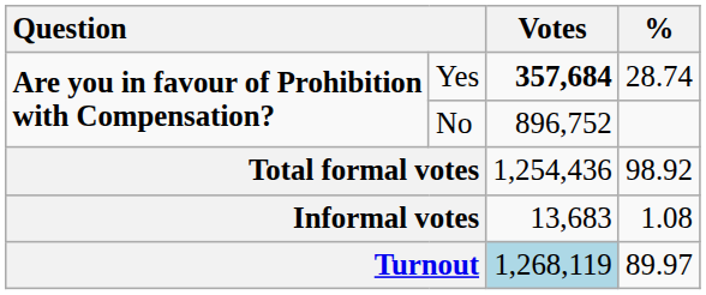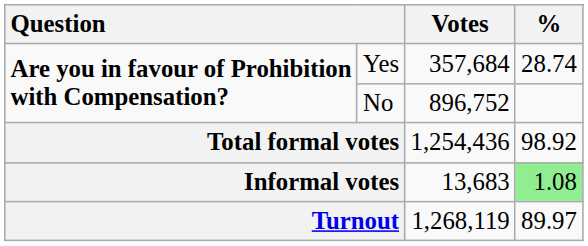 <table class="wikitable" align="center">
 <tr ---->
 <th colspan="2" style="text-align:left">Question</th>
 <th>Votes</th>
 <th>%</th>
 </tr>
 <tr align="right">
 <td rowspan="2" style="text-align:left"><strong>Are you in favour of Prohibition<br>with Compensation?</strong></td>
 <td align=left>Yes</td>
-<td><strong>357,684</strong></td>
+<td>357,684</td>
 <td>28.74</td>
 </tr>
 <tr align="right">
 <td align=left>No</td>
 <td>896,752</td>
 <td></td>
 </tr>
 <tr align="right">
 <th colspan="2" style="text-align:right">Total formal votes</th>
 <td>1,254,436</td>
 <td>98.92</td>
 </tr>
 <tr align="right">
 <th colspan="2" style="text-align:right">Informal votes</th>
 <td>13,683</td>
-<td>1.08</td>
+<td style="background: lightgreen;">1.08</td>
 </tr>
 <tr align="right">
 <th colspan="2" style="text-align:right"><a href='#'>Turnout</a></th>
-<td style="background: lightblue;">1,268,119</td>
+<td>1,268,119</td>
 <td>89.97</td>
 </tr>
 </table>
